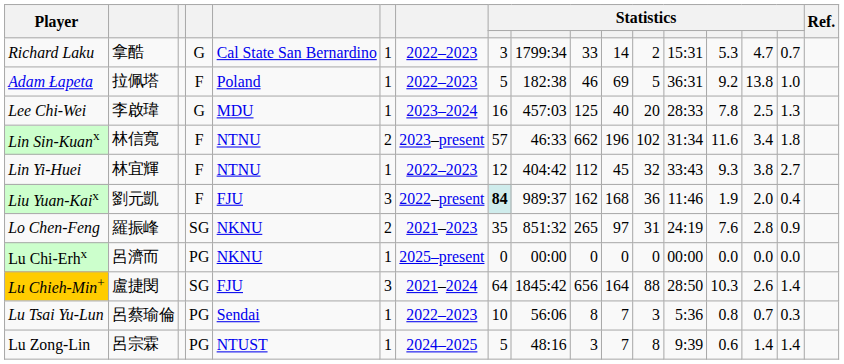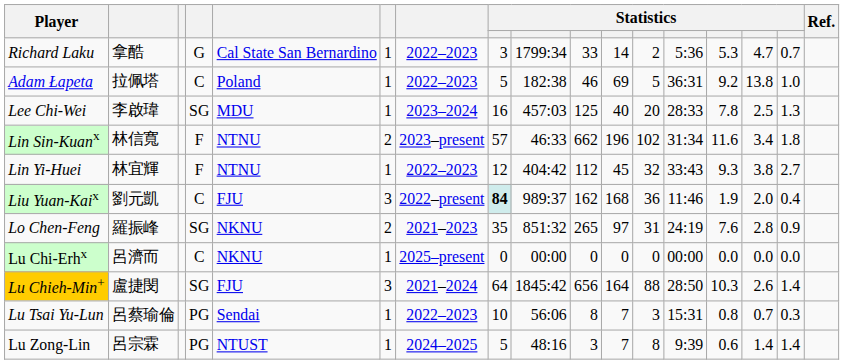 <table class="wikitable sortable" style="font-size:95%; text-align:right;">
 <tr>
 <th rowspan="2">Player</th>
 <th rowspan="2"></th>
 <th rowspan="2"></th>
 <th rowspan="2"></th>
 <th rowspan="2"></th>
 <th rowspan="2"></th>
 <th rowspan="2"></th>
 <th colspan="9">Statistics</th>
 <th rowspan="2">Ref.</th>
 </tr>
 <tr>
 <th></th>
 <th></th>
 <th></th>
 <th></th>
 <th></th>
 <th></th>
 <th></th>
 <th></th>
 <th></th>
 </tr>
 <tr>
 <td align="left"><em>Richard Laku</em></td>
 <td align="left">拿酷</td>
 <td align="center"></td>
 <td align="center">G</td>
 <td align="left"><a href='#'>Cal State San Bernardino</a></td>
 <td align="center">1</td>
 <td align="center"><a href='#'>2022–2023</a></td>
 <td>3</td>
 <td>1799:34</td>
 <td>33</td>
 <td>14</td>
 <td>2</td>
-<td>15:31</td>
+<td>5:36</td>
 <td>5.3</td>
 <td>4.7</td>
 <td>0.7</td>
 <td align="center"></td>
 </tr>
 <tr>
 <td align="left"><em><a href='#'>Adam Łapeta</a></em></td>
 <td align="left">拉佩塔</td>
 <td align="center"></td>
-<td align="center">F</td>
+<td align="center">C</td>
 <td align="left"><a href='#'>Poland</a></td>
 <td align="center">1</td>
 <td align="center"><a href='#'>2022–2023</a></td>
 <td>5</td>
 <td>182:38</td>
 <td>46</td>
 <td>69</td>
 <td>5</td>
 <td>36:31</td>
 <td>9.2</td>
 <td>13.8</td>
 <td>1.0</td>
 <td align="center"></td>
 </tr>
 <tr>
 <td align="left"><em>Lee Chi-Wei</em></td>
 <td align="left">李啟瑋</td>
 <td align="center"></td>
-<td align="center">G</td>
+<td align="center">SG</td>
 <td align="left"><a href='#'>MDU</a></td>
 <td align="center">1</td>
 <td align="center"><a href='#'>2023–2024</a></td>
 <td>16</td>
 <td>457:03</td>
 <td>125</td>
 <td>40</td>
 <td>20</td>
 <td>28:33</td>
 <td>7.8</td>
 <td>2.5</td>
 <td>1.3</td>
 <td align="center"></td>
 </tr>
 <tr>
 <td align="left" bgcolor="#CCFFCC"><em>Lin Sin-Kuan</em><sup>x</sup></td>
 <td align="left">林信寬</td>
 <td align="center"></td>
 <td align="center">F</td>
 <td align="left"><a href='#'>NTNU</a></td>
 <td align="center">2</td>
 <td align="center"><a href='#'>2023</a>–<a href='#'>present</a></td>
 <td>57</td>
 <td>46:33</td>
 <td>662</td>
 <td>196</td>
 <td>102</td>
 <td>31:34</td>
 <td>11.6</td>
 <td>3.4</td>
 <td>1.8</td>
 <td align="center"></td>
 </tr>
 <tr>
 <td align="left"><em>Lin Yi-Huei</em></td>
 <td align="left">林宜輝</td>
 <td align="center"></td>
 <td align="center">F</td>
 <td align="left"><a href='#'>NTNU</a></td>
 <td align="center">1</td>
 <td align="center"><a href='#'>2022–2023</a></td>
 <td>12</td>
 <td>404:42</td>
 <td>112</td>
 <td>45</td>
 <td>32</td>
 <td>33:43</td>
 <td>9.3</td>
 <td>3.8</td>
 <td>2.7</td>
 <td align="center"></td>
 </tr>
 <tr>
 <td align="left" bgcolor="#CCFFCC"><em>Liu Yuan-Kai</em><sup>x</sup></td>
 <td align="left">劉元凱</td>
 <td align="center"></td>
-<td align="center">F</td>
+<td align="center">C</td>
 <td align="left"><a href='#'>FJU</a></td>
 <td align="center">3</td>
 <td align="center"><a href='#'>2022</a>–<a href='#'>present</a></td>
 <td bgcolor="#CFECEC"><strong>84</strong></td>
 <td>989:37</td>
 <td>162</td>
 <td>168</td>
 <td>36</td>
 <td>11:46</td>
 <td>1.9</td>
 <td>2.0</td>
 <td>0.4</td>
 <td align="center"></td>
 </tr>
 <tr>
 <td align="left"><em>Lo Chen-Feng</em></td>
 <td align="left">羅振峰</td>
 <td align="center"></td>
 <td align="center">SG</td>
 <td align="left"><a href='#'>NKNU</a></td>
 <td align="center">2</td>
 <td align="center"><a href='#'>2021</a>–<a href='#'>2023</a></td>
 <td>35</td>
 <td>851:32</td>
 <td>265</td>
 <td>97</td>
 <td>31</td>
 <td>24:19</td>
 <td>7.6</td>
 <td>2.8</td>
 <td>0.9</td>
 <td align="center"></td>
 </tr>
 <tr>
 <td align="left" bgcolor="#CCFFCC">Lu Chi-Erh<sup>x</sup></td>
 <td align="left">呂濟而</td>
 <td align="center"></td>
-<td align="center">PG</td>
+<td align="center">C</td>
 <td align="left"><a href='#'>NKNU</a></td>
 <td align="center">1</td>
 <td align="center"><a href='#'>2025–present</a></td>
 <td>0</td>
 <td>00:00</td>
 <td>0</td>
 <td>0</td>
 <td>0</td>
 <td>00:00</td>
 <td>0.0</td>
 <td>0.0</td>
 <td>0.0</td>
 <td align="center"></td>
 </tr>
 <tr>
 <td align="left" bgcolor="#FFCC00"><em>Lu Chieh-Min</em><sup>+</sup></td>
 <td align="left">盧捷閔</td>
 <td align="center"></td>
 <td align="center">SG</td>
 <td align="left"><a href='#'>FJU</a></td>
 <td align="center">3</td>
 <td align="center"><a href='#'>2021</a>–<a href='#'>2024</a></td>
 <td>64</td>
 <td>1845:42</td>
 <td>656</td>
 <td>164</td>
 <td>88</td>
 <td>28:50</td>
 <td>10.3</td>
 <td>2.6</td>
 <td>1.4</td>
 <td align="center"></td>
 </tr>
 <tr>
 <td align="left"><em>Lu Tsai Yu-Lun</em></td>
 <td align="left">呂蔡瑜倫</td>
 <td align="center"></td>
 <td align="center">PG</td>
 <td align="left"><a href='#'>Sendai</a></td>
 <td align="center">1</td>
 <td align="center"><a href='#'>2022–2023</a></td>
 <td>10</td>
 <td>56:06</td>
 <td>8</td>
 <td>7</td>
 <td>3</td>
-<td>5:36</td>
+<td>15:31</td>
 <td>0.8</td>
 <td>0.7</td>
 <td>0.3</td>
 <td align="center"></td>
 </tr>
 <tr>
 <td align="left">Lu Zong-Lin</td>
 <td align="left">呂宗霖</td>
 <td align="center"></td>
 <td align="center">PG</td>
 <td align="left"><a href='#'>NTUST</a></td>
 <td align="center">1</td>
 <td align="center"><a href='#'>2024–2025</a></td>
 <td>5</td>
 <td>48:16</td>
 <td>3</td>
 <td>7</td>
 <td>8</td>
 <td>9:39</td>
 <td>0.6</td>
 <td>1.4</td>
 <td>1.4</td>
 <td align="center"></td>
 </tr>
 </table>
